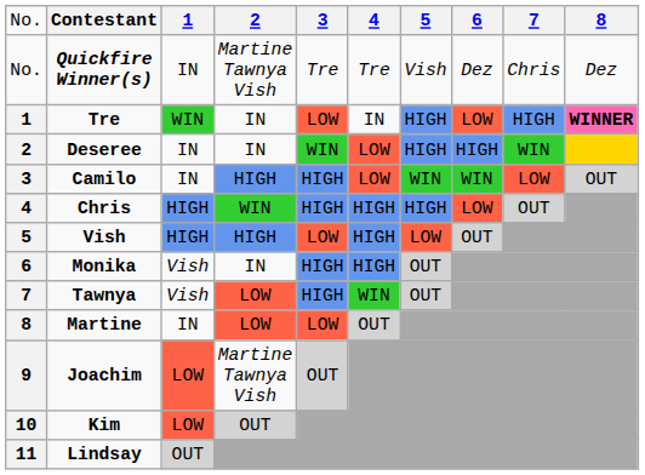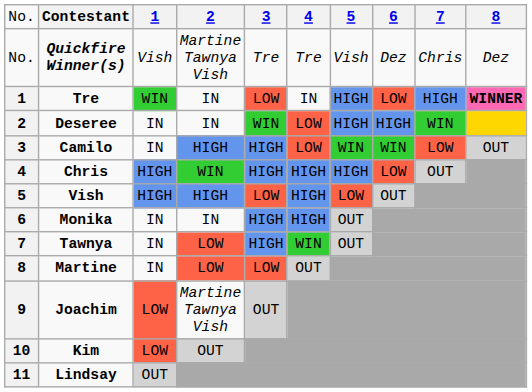 <table class="wikitable" style="text-align:center; align=center; font-size:80%">
 <tr>
 <td>No.</td>
 <th>Contestant</th>
 <th><a href='#'>1</a></th>
 <th><a href='#'>2</a></th>
 <th><a href='#'>3</a></th>
 <th><a href='#'>4</a></th>
 <th><a href='#'>5</a></th>
 <th><a href='#'>6</a></th>
 <th><a href='#'>7</a></th>
 <th><a href='#'>8</a></th>
 </tr>
 <tr>
 <td>No.</td>
 <td><strong><em>Quickfire</em></strong><br><strong><em>Winner(s)</em></strong></td>
-<td>IN</td>
+<td><em>Vish</em></td>
 <td><em>Martine</em><br><em>Tawnya</em><br><em>Vish</em></td>
 <td><em>Tre</em></td>
 <td><em>Tre</em></td>
 <td><em>Vish</em></td>
 <td><em>Dez</em></td>
 <td><em>Chris</em></td>
 <td><em>Dez</em></td>
 </tr>
 <tr>
 <th>1</th>
 <td><strong>Tre</strong></td>
 <td style= "background:limegreen;">WIN</td>
 <td>IN</td>
 <td style="background:tomato;">LOW</td>
 <td>IN</td>
 <td style="background:cornflowerblue;">HIGH</td>
 <td style="background:tomato;">LOW</td>
 <td style="background:cornflowerblue;">HIGH</td>
 <td style="background:hotpink"><strong>WINNER</strong></td>
 </tr>
 <tr>
 <th>2</th>
 <td><strong>Deseree</strong></td>
 <td>IN</td>
 <td>IN</td>
 <td style= "background:limegreen;">WIN</td>
 <td style="background:tomato;">LOW</td>
 <td style="background:cornflowerblue;">HIGH</td>
 <td style="background:cornflowerblue;">HIGH</td>
 <td style= "background:limegreen;">WIN</td>
 <td style="background:gold"><strong></strong></td>
 </tr>
 <tr>
 <th>3</th>
 <td><strong>Camilo</strong></td>
 <td>IN</td>
 <td style="background:cornflowerblue;">HIGH</td>
 <td style="background:cornflowerblue;">HIGH</td>
 <td style="background:tomato;">LOW</td>
 <td style= "background:limegreen;">WIN</td>
 <td style= "background:limegreen;">WIN</td>
 <td style="background:tomato;">LOW</td>
 <td style="background:lightgray;">OUT</td>
 </tr>
 <tr>
 <th>4</th>
 <td><strong>Chris</strong></td>
 <td style="background:cornflowerblue;">HIGH</td>
 <td style= "background:limegreen;">WIN</td>
 <td style="background:cornflowerblue;">HIGH</td>
 <td style="background:cornflowerblue;">HIGH</td>
 <td style="background:cornflowerblue;">HIGH</td>
 <td style="background:tomato;">LOW</td>
 <td style="background:lightgray;">OUT</td>
 <td colspan="7" style="background:darkgray"></td>
 </tr>
 <tr>
 <th>5</th>
 <td><strong>Vish</strong></td>
 <td style="background:cornflowerblue;">HIGH</td>
 <td style="background:cornflowerblue;">HIGH</td>
 <td style="background:tomato;">LOW</td>
 <td style="background:cornflowerblue;">HIGH</td>
 <td style="background:tomato;">LOW</td>
 <td style="background:lightgray;">OUT</td>
 <td colspan="7" style="background:darkgray"></td>
 </tr>
 <tr>
 <th>6</th>
 <td><strong>Monika</strong></td>
-<td><em>Vish</em></td>
+<td>IN</td>
 <td>IN</td>
 <td style="background:cornflowerblue;">HIGH</td>
 <td style="background:cornflowerblue;">HIGH</td>
 <td style="background:lightgray;">OUT</td>
 <td colspan="7" style="background:darkgray"></td>
 </tr>
 <tr>
 <th>7</th>
 <td><strong>Tawnya</strong></td>
-<td><em>Vish</em></td>
+<td>IN</td>
 <td style="background:tomato;">LOW</td>
 <td style="background:cornflowerblue;">HIGH</td>
 <td style= "background:limegreen;">WIN</td>
 <td style="background:lightgray;">OUT</td>
 <td colspan="7" style="background:darkgray"></td>
 </tr>
 <tr>
 <th>8</th>
 <td><strong>Martine</strong></td>
 <td>IN</td>
 <td style="background:tomato;">LOW</td>
 <td style="background:tomato;">LOW</td>
 <td style="background:lightgray;">OUT</td>
 <td colspan="7" style="background:darkgray"></td>
 </tr>
 <tr>
 <th>9</th>
 <td><strong>Joachim</strong></td>
 <td style="background:tomato;">LOW</td>
 <td><em>Martine</em><br><em>Tawnya</em><br><em>Vish</em></td>
 <td style="background:lightgray;">OUT</td>
 <td colspan="7" style="background:darkgray"></td>
 </tr>
 <tr>
 <th>10</th>
 <td><strong>Kim</strong></td>
 <td style="background:tomato;">LOW</td>
 <td style="background:lightgray;">OUT</td>
 <td colspan="7" style="background:darkgray"></td>
 </tr>
 <tr>
 <th>11</th>
 <td><strong>Lindsay</strong></td>
 <td style="background:lightgray;">OUT</td>
 <td colspan="7" style="background:darkgray"></td>
 </tr>
 </table>
